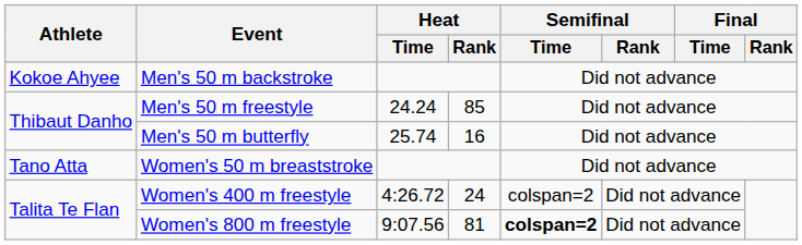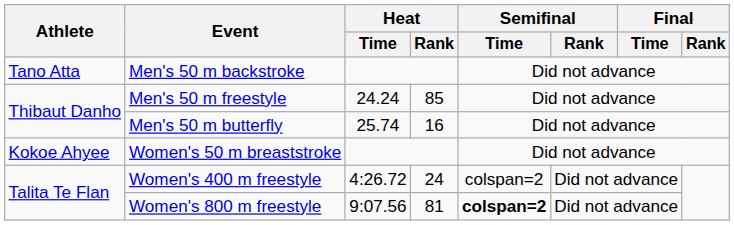 <table class=wikitable style="font-size:90%">
 <tr>
 <th rowspan="2">Athlete</th>
 <th rowspan="2">Event</th>
 <th colspan="2">Heat</th>
 <th colspan="2">Semifinal</th>
 <th colspan="2">Final</th>
 </tr>
 <tr style="font-size:95%">
 <th>Time</th>
 <th>Rank</th>
 <th>Time</th>
 <th>Rank</th>
 <th>Time</th>
 <th>Rank</th>
 </tr>
 <tr align=center>
-<td align=left><a href='#'>Kokoe Ahyee</a></td>
+<td align=left><a href='#'>Tano Atta</a></td>
 <td align=left><a href='#'>Men's 50 m backstroke</a></td>
 <td colspan=2></td>
 <td colspan=4>Did not advance</td>
 </tr>
 <tr align=center>
 <td align=left rowspan=2><a href='#'>Thibaut Danho</a></td>
 <td align=left><a href='#'>Men's 50 m freestyle</a></td>
 <td>24.24</td>
 <td>85</td>
 <td colspan=4>Did not advance</td>
 </tr>
 <tr align=center>
 <td align=left><a href='#'>Men's 50 m butterfly</a></td>
 <td>25.74</td>
 <td>16</td>
 <td colspan=4>Did not advance</td>
 </tr>
 <tr align=center>
-<td align=left><a href='#'>Tano Atta</a></td>
+<td align=left><a href='#'>Kokoe Ahyee</a></td>
 <td align=left><a href='#'>Women's 50 m breaststroke</a></td>
 <td colspan=2></td>
 <td colspan=4>Did not advance</td>
 </tr>
 <tr align=center>
 <td align=left rowspan=2><a href='#'>Talita Te Flan</a></td>
 <td align=left><a href='#'>Women's 400 m freestyle</a></td>
 <td>4:26.72</td>
 <td>24</td>
 <td>colspan=2 </td>
 <td colspan=2>Did not advance</td>
 </tr>
 <tr align=center>
 <td align=left><a href='#'>Women's 800 m freestyle</a></td>
 <td>9:07.56</td>
 <td>81</td>
 <td><strong>colspan=2 </strong></td>
 <td colspan=2>Did not advance</td>
 </tr>
 </table>
